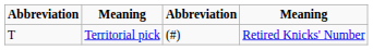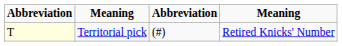 <table class="wikitable">
 <tr>
 <td><strong>Abbreviation</strong></td>
 <td align=center><strong>Meaning</strong></td>
 <td align=center><strong>Abbreviation</strong></td>
 <td align=center><strong>Meaning</strong></td>
 </tr>
 <tr>
-<td>T</td>
+<td style="background: lightyellow;">T</td>
 <td><a href='#'>Territorial pick</a></td>
 <td border:1px solid width:2em;'>(#)</td>
 <td><a href='#'>Retired Knicks' Number</a></td>
 </tr>
 </table>
